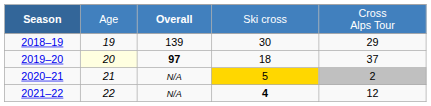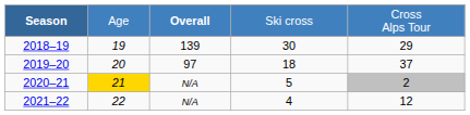 <table class="wikitable" style="font-size:95%; text-align:center; border:grey solid 1px; border-collapse:collapse;" width="30%">
 <tr style="background-color:#369; color:white;">
 <td rowspan="2" colspan="1" width="5%"><strong>Season</strong></td>
 </tr>
 <tr style="background-color:#4180be; color:white;">
 <td width="5%">Age</td>
 <td width="5%"><strong>Overall</strong></td>
 <td width="10%">Ski cross</td>
 <td width="10%">Cross<br>Alps Tour</td>
 </tr>
 <tr style="background-color:#8CB2D8; color:white;">
 </tr>
 <tr>
 <td><a href='#'>2018–19</a></td>
 <td><em>19</em></td>
 <td>139</td>
 <td>30</td>
 <td>29</td>
 </tr>
 <tr>
 <td><a href='#'>2019–20</a></td>
-<td style="background: lightyellow;"><em>20</em></td>
-<td><strong>97</strong></td>
+<td><em>20</em></td>
+<td>97</td>
 <td>18</td>
 <td>37</td>
 </tr>
 <tr>
 <td><a href='#'>2020–21</a></td>
-<td><em>21</em></td>
+<td style="background: gold;"><em>21</em></td>
 <td><small><em>N/A</em></small></td>
-<td style="background: gold;">5</td>
+<td>5</td>
 <td style="background:silver;">2</td>
 </tr>
 <tr>
 <td><a href='#'>2021–22</a></td>
 <td><em>22</em></td>
 <td><small><em>N/A</em></small></td>
-<td><strong>4</strong></td>
+<td>4</td>
 <td>12</td>
 </tr>
 </table>
